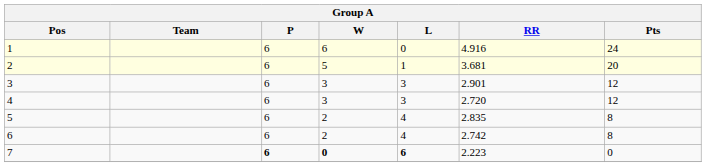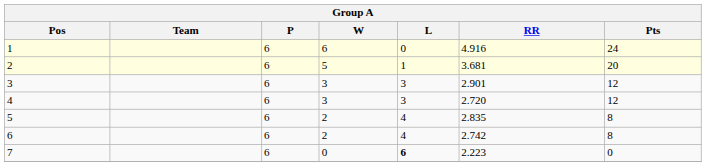 <table class="wikitable" width="80%">
 <tr bgcolor="#efefef">
 <th colspan=7>Group A</th>
 </tr>
 <tr bgcolor="#efefef">
 <th>Pos</th>
 <th>Team</th>
 <th>P</th>
 <th>W</th>
 <th>L</th>
 <th><a href='#'>RR</a></th>
 <th>Pts</th>
 </tr>
 <tr bgcolor="#ffffe0">
 <td>1</td>
 <td></td>
 <td>6</td>
 <td>6</td>
 <td>0</td>
 <td>4.916</td>
 <td>24</td>
 </tr>
 <tr bgcolor="#ffffe0">
 <td>2</td>
 <td></td>
 <td>6</td>
 <td>5</td>
 <td>1</td>
 <td>3.681</td>
 <td>20</td>
 </tr>
 <tr>
 <td>3</td>
 <td></td>
 <td>6</td>
 <td>3</td>
 <td>3</td>
 <td>2.901</td>
 <td>12</td>
 </tr>
 <tr>
 <td>4</td>
 <td></td>
 <td>6</td>
 <td>3</td>
 <td>3</td>
 <td>2.720</td>
 <td>12</td>
 </tr>
 <tr>
 <td>5</td>
 <td></td>
 <td>6</td>
 <td>2</td>
 <td>4</td>
 <td>2.835</td>
 <td>8</td>
 </tr>
 <tr>
 <td>6</td>
 <td></td>
 <td>6</td>
 <td>2</td>
 <td>4</td>
 <td>2.742</td>
 <td>8</td>
 </tr>
 <tr>
 <td>7</td>
 <td></td>
-<td><strong>6</strong></td>
-<td><strong>0</strong></td>
+<td>6</td>
+<td>0</td>
 <td><strong>6</strong></td>
 <td>2.223</td>
 <td>0</td>
 </tr>
 <tr>
 </tr>
 </table>
